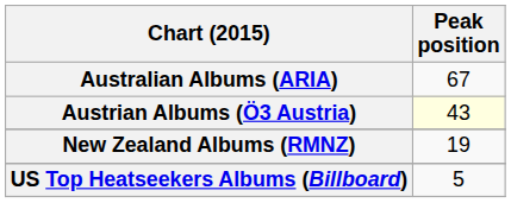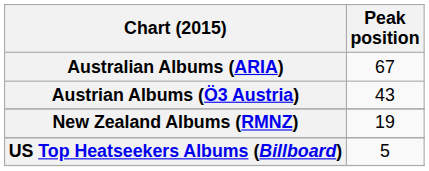 <table class="wikitable sortable plainrowheaders" style="text-align:center">
 <tr>
 <th scope="col">Chart (2015)</th>
 <th scope="col">Peak<br>position</th>
 </tr>
 <tr>
 <th scope="row">Australian Albums (<a href='#'>ARIA</a>)</th>
 <td>67</td>
 </tr>
 <tr>
 <th scope="row">Austrian Albums (<a href='#'>Ö3 Austria</a>)</th>
-<td style="background: lightyellow;">43</td>
+<td>43</td>
 </tr>
 <tr>
 </tr>
 <tr>
 </tr>
 <tr>
 </tr>
 <tr>
 </tr>
 <tr>
 </tr>
 <tr>
 </tr>
 <tr>
 <th scope="row">New Zealand Albums (<a href='#'>RMNZ</a>)</th>
 <td>19</td>
 </tr>
 <tr>
 </tr>
 <tr>
 </tr>
 <tr>
 </tr>
 <tr>
 </tr>
 <tr>
 <th scope="row">US <a href='#'>Top Heatseekers Albums</a> (<em><a href='#'>Billboard</a></em>)</th>
 <td>5</td>
 </tr>
 <tr>
 </tr>
 </table>
